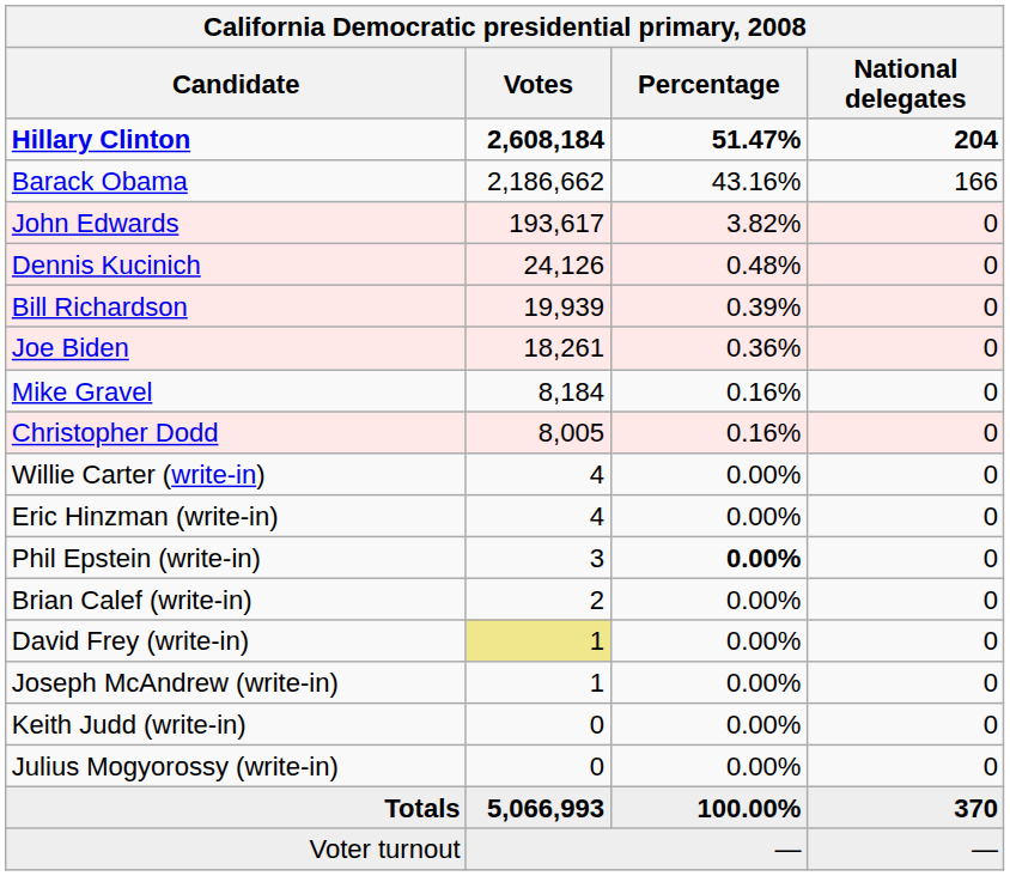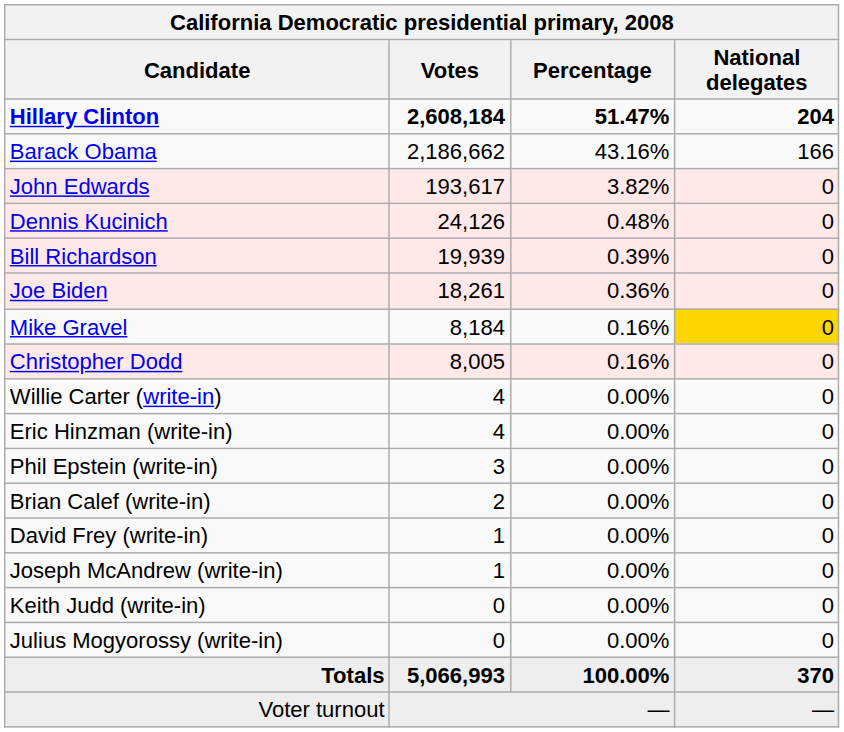 <table class="wikitable" style="font-size:95%;">
 <tr>
 <th colspan="4">California Democratic presidential primary, 2008</th>
 </tr>
 <tr>
 <th style="width: 17em">Candidate</th>
 <th style="width: 5em">Votes</th>
 <th style="width: 7em">Percentage</th>
 <th style="width: 7em">National delegates</th>
 </tr>
 <tr>
 <td><strong><a href='#'>Hillary Clinton</a></strong></td>
 <td align="right"><strong>2,608,184</strong></td>
 <td align="right"><strong>51.47%</strong></td>
 <td align="right"><strong>204</strong></td>
 </tr>
 <tr>
 <td><a href='#'>Barack Obama</a></td>
 <td align="right">2,186,662</td>
 <td align="right">43.16%</td>
 <td align="right">166</td>
 </tr>
 <tr bgcolor=#FFE8E8>
 <td><a href='#'>John Edwards</a></td>
 <td align="right">193,617</td>
 <td align="right">3.82%</td>
 <td align="right">0</td>
 </tr>
 <tr bgcolor=#FFE8E8>
 <td><a href='#'>Dennis Kucinich</a></td>
 <td align="right">24,126</td>
 <td align="right">0.48%</td>
 <td align="right">0</td>
 </tr>
 <tr bgcolor=#FFE8E8>
 <td><a href='#'>Bill Richardson</a></td>
 <td align="right">19,939</td>
 <td align="right">0.39%</td>
 <td align="right">0</td>
 </tr>
 <tr bgcolor=#FFE8E8>
 <td><a href='#'>Joe Biden</a></td>
 <td align="right">18,261</td>
 <td align="right">0.36%</td>
 <td align="right">0</td>
 </tr>
 <tr>
 <td><a href='#'>Mike Gravel</a></td>
 <td align="right">8,184</td>
 <td align="right">0.16%</td>
-<td align="right">0</td>
+<td align="right" style="background: gold;">0</td>
 </tr>
 <tr bgcolor=#FFE8E8>
 <td><a href='#'>Christopher Dodd</a></td>
 <td align="right">8,005</td>
 <td align="right">0.16%</td>
 <td align="right">0</td>
 </tr>
 <tr>
 <td>Willie Carter (<a href='#'>write-in</a>)</td>
 <td align="right">4</td>
 <td align="right">0.00%</td>
 <td align="right">0</td>
 </tr>
 <tr>
 <td>Eric Hinzman (write-in)</td>
 <td align="right">4</td>
 <td align="right">0.00%</td>
 <td align="right">0</td>
 </tr>
 <tr>
 <td>Phil Epstein (write-in)</td>
 <td align="right">3</td>
-<td align="right"><strong>0.00%</strong></td>
+<td align="right">0.00%</td>
 <td align="right">0</td>
 </tr>
 <tr>
 <td>Brian Calef (write-in)</td>
 <td align="right">2</td>
 <td align="right">0.00%</td>
 <td align="right">0</td>
 </tr>
 <tr>
 <td>David Frey (write-in)</td>
-<td align="right" style="background: khaki;">1</td>
+<td align="right">1</td>
 <td align="right">0.00%</td>
 <td align="right">0</td>
 </tr>
 <tr>
 <td>Joseph McAndrew (write-in)</td>
 <td align="right">1</td>
 <td align="right">0.00%</td>
 <td align="right">0</td>
 </tr>
 <tr>
 <td>Keith Judd (write-in)</td>
 <td align="right">0</td>
 <td align="right">0.00%</td>
 <td align="right">0</td>
 </tr>
 <tr>
 <td>Julius Mogyorossy (write-in)</td>
 <td align="right">0</td>
 <td align="right">0.00%</td>
 <td align="right">0</td>
 </tr>
 <tr bgcolor="#EEEEEE">
 <td align="right"><strong>Totals</strong></td>
 <td align="right"><strong>5,066,993</strong></td>
 <td align="right"><strong>100.00%</strong></td>
 <td align="right"><strong>370</strong></td>
 </tr>
 <tr bgcolor="#EEEEEE">
 <td align="right">Voter turnout</td>
 <td colspan="2" align="right">—</td>
 <td align="right">—</td>
 </tr>
 </table>
